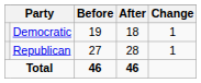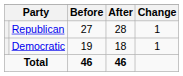 <table class="wikitable" style="text-align:center;">
 <tr>
 </tr>
 <tr>
 <th colspan=2>Party</th>
 <th>Before</th>
 <th>After</th>
 <th>Change</th>
 </tr>
 <tr>
 <th style="background-color:"></th>
-<td style="text-align:left;"><a href='#'>Democratic</a></td>
-<td>19</td>
-<td>18</td>
+<td style="text-align:left;"><a href='#'>Republican</a></td>
+<td>27</td>
+<td>28</td>
 <td> 1</td>
 </tr>
 <tr>
 <th style="background-color:"></th>
-<td style="text-align:left;"><a href='#'>Republican</a></td>
-<td>27</td>
-<td>28</td>
+<td style="text-align:left;"><a href='#'>Democratic</a></td>
+<td>19</td>
+<td>18</td>
 <td> 1</td>
 </tr>
 <tr>
 <td colspan=2><strong>Total</strong></td>
 <td><strong>46</strong></td>
 <td><strong>46</strong></td>
 <td></td>
 </tr>
 </table>
